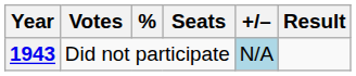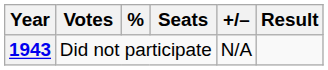 <table class="wikitable" style="text-align:center; font-size:90%">
 <tr>
 <th>Year</th>
 <th>Votes</th>
 <th>%</th>
 <th>Seats</th>
 <th>+/–</th>
 <th>Result</th>
 </tr>
 <tr>
 <th><a href='#'>1943</a></th>
 <td colspan=3>Did not participate</td>
-<td style="background: lightblue;">N/A</td>
+<td>N/A</td>
 <td></td>
 </tr>
 </table>
